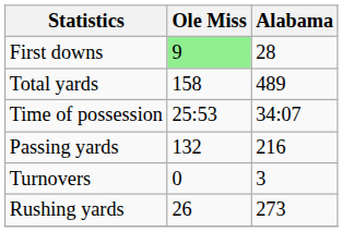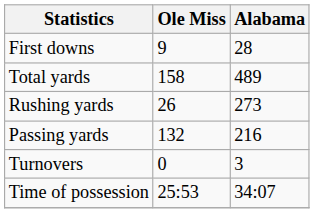 <table class="wikitable" style="float: left;">
 <tr>
 <th>Statistics</th>
 <th style=>Ole Miss</th>
 <th>Alabama</th>
 </tr>
 <tr>
 <td>First downs</td>
-<td style="background: lightgreen;">9</td>
+<td>9</td>
 <td>28</td>
 </tr>
 <tr>
 <td>Total yards</td>
 <td>158</td>
 <td>489</td>
 </tr>
 <tr>
-<td>Time of possession</td>
-<td>25:53</td>
-<td>34:07</td>
+<td>Rushing yards</td>
+<td>26</td>
+<td>273</td>
 </tr>
 <tr>
 <td>Passing yards</td>
 <td>132</td>
 <td>216</td>
 </tr>
 <tr>
 <td>Turnovers</td>
 <td>0</td>
 <td>3</td>
 </tr>
 <tr>
-<td>Rushing yards</td>
-<td>26</td>
-<td>273</td>
+<td>Time of possession</td>
+<td>25:53</td>
+<td>34:07</td>
 </tr>
 <tr>
 </tr>
 </table>
